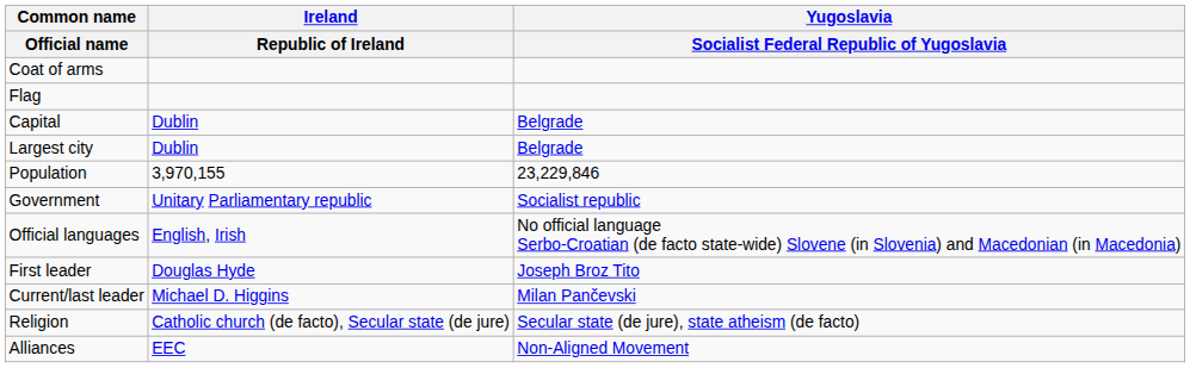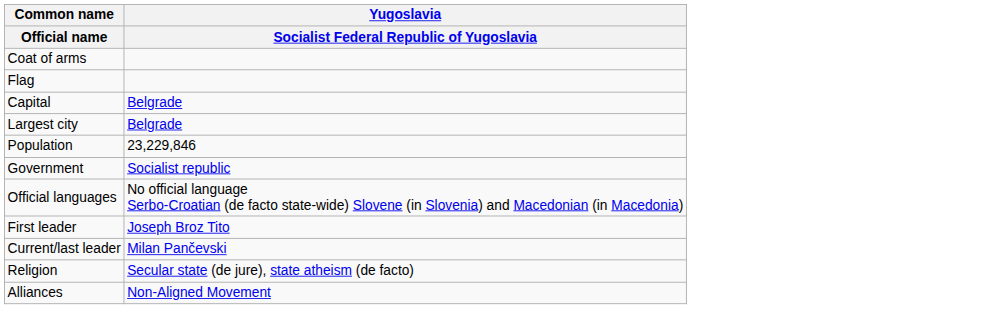 <table class="wikitable">
 <tr>
 <th>Common name</th>
-<th><a href='#'>Ireland</a></th>
 <th><a href='#'>Yugoslavia</a></th>
 </tr>
 <tr>
 <th>Official name</th>
-<th>Republic of Ireland</th>
 <th><a href='#'>Socialist Federal Republic of Yugoslavia</a></th>
 </tr>
 <tr>
 <td>Coat of arms</td>
 <td></td>
-<td></td>
 </tr>
 <tr>
 <td>Flag</td>
 <td></td>
-<td></td>
 </tr>
 <tr>
 <td>Capital</td>
-<td><a href='#'>Dublin</a></td>
 <td><a href='#'>Belgrade</a></td>
 </tr>
 <tr>
 <td>Largest city</td>
-<td><a href='#'>Dublin</a></td>
 <td><a href='#'>Belgrade</a></td>
 </tr>
 <tr>
 <td>Population</td>
-<td>3,970,155</td>
 <td>23,229,846</td>
 </tr>
 <tr>
 <td>Government</td>
-<td><a href='#'>Unitary</a> <a href='#'>Parliamentary republic</a></td>
 <td><a href='#'>Socialist republic</a></td>
 </tr>
 <tr>
 <td>Official languages</td>
-<td><a href='#'>English</a>, <a href='#'>Irish</a></td>
 <td>No official language<br><a href='#'>Serbo-Croatian</a> (de facto state-wide) <a href='#'>Slovene</a> (in <a href='#'>Slovenia</a>) and <a href='#'>Macedonian</a> (in <a href='#'>Macedonia</a>)</td>
 </tr>
 <tr>
 <td>First leader</td>
-<td><a href='#'>Douglas Hyde</a></td>
 <td><a href='#'>Joseph Broz Tito</a></td>
 </tr>
 <tr>
 <td>Current/last leader</td>
-<td><a href='#'>Michael D. Higgins</a></td>
 <td><a href='#'>Milan Pančevski</a></td>
 </tr>
 <tr>
 <td>Religion</td>
-<td><a href='#'>Catholic church</a> (de facto), <a href='#'>Secular state</a> (de jure)</td>
 <td><a href='#'>Secular state</a> (de jure), <a href='#'>state atheism</a> (de facto)</td>
 </tr>
 <tr>
 <td>Alliances</td>
-<td><a href='#'> EEC</a></td>
 <td><a href='#'>Non-Aligned Movement</a></td>
 </tr>
 </table>
